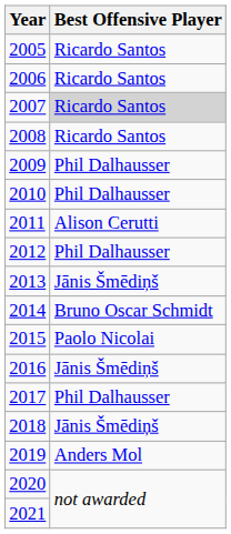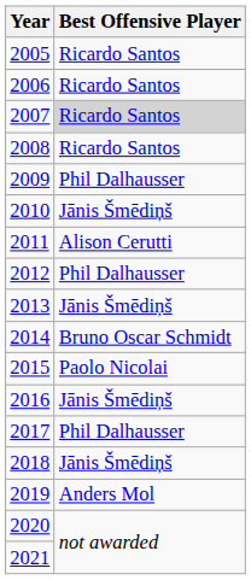 <table class="wikitable sortable" style="display:inline-table;">
 <tr>
 <th>Year</th>
 <th>Best Offensive Player</th>
 </tr>
 <tr>
 <td><a href='#'>2005</a></td>
 <td> <a href='#'>Ricardo Santos</a> </td>
 </tr>
 <tr>
 <td><a href='#'>2006</a></td>
 <td> <a href='#'>Ricardo Santos</a> </td>
 </tr>
 <tr>
 <td><a href='#'>2007</a></td>
 <td style="background: lightgrey;"> <a href='#'>Ricardo Santos</a> </td>
 </tr>
 <tr>
 <td><a href='#'>2008</a></td>
 <td> <a href='#'>Ricardo Santos</a> </td>
 </tr>
 <tr>
 <td><a href='#'>2009</a></td>
 <td> <a href='#'>Phil Dalhausser</a> </td>
 </tr>
 <tr>
 <td><a href='#'>2010</a></td>
-<td> <a href='#'>Phil Dalhausser</a> </td>
+<td> <a href='#'>Jānis Šmēdiņš</a> </td>
 </tr>
 <tr>
 <td><a href='#'>2011</a></td>
 <td> <a href='#'>Alison Cerutti</a></td>
 </tr>
 <tr>
 <td><a href='#'>2012</a></td>
 <td> <a href='#'>Phil Dalhausser</a> </td>
 </tr>
 <tr>
 <td><a href='#'>2013</a></td>
 <td> <a href='#'>Jānis Šmēdiņš</a> </td>
 </tr>
 <tr>
 <td><a href='#'>2014</a></td>
 <td> <a href='#'>Bruno Oscar Schmidt</a></td>
 </tr>
 <tr>
 <td><a href='#'>2015</a></td>
 <td> <a href='#'>Paolo Nicolai</a></td>
 </tr>
 <tr>
 <td><a href='#'>2016</a></td>
 <td> <a href='#'>Jānis Šmēdiņš</a> </td>
 </tr>
 <tr>
 <td><a href='#'>2017</a></td>
 <td> <a href='#'>Phil Dalhausser</a> </td>
 </tr>
 <tr>
 <td><a href='#'>2018</a></td>
 <td> <a href='#'>Jānis Šmēdiņš</a> </td>
 </tr>
 <tr>
 <td><a href='#'>2019</a></td>
 <td> <a href='#'>Anders Mol</a> </td>
 </tr>
 <tr>
 <td><a href='#'>2020</a></td>
 <td rowspan=2><em>not awarded</em></td>
 </tr>
 <tr>
 <td><a href='#'>2021</a></td>
 </tr>
 </table>
